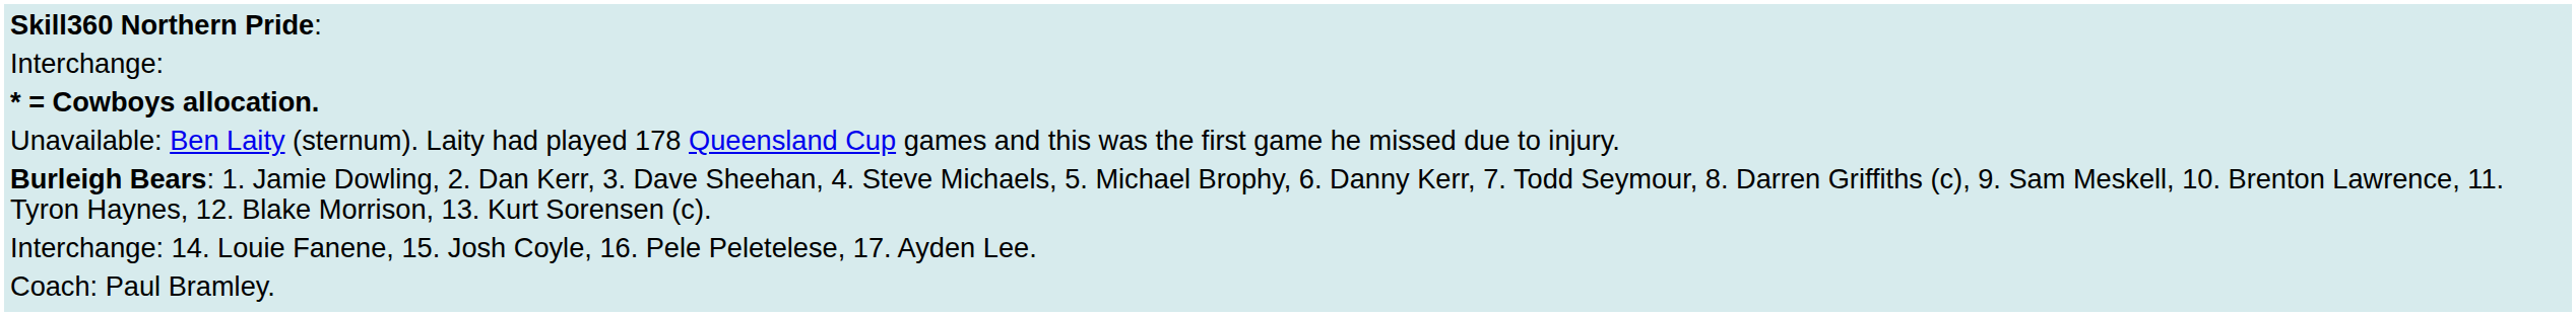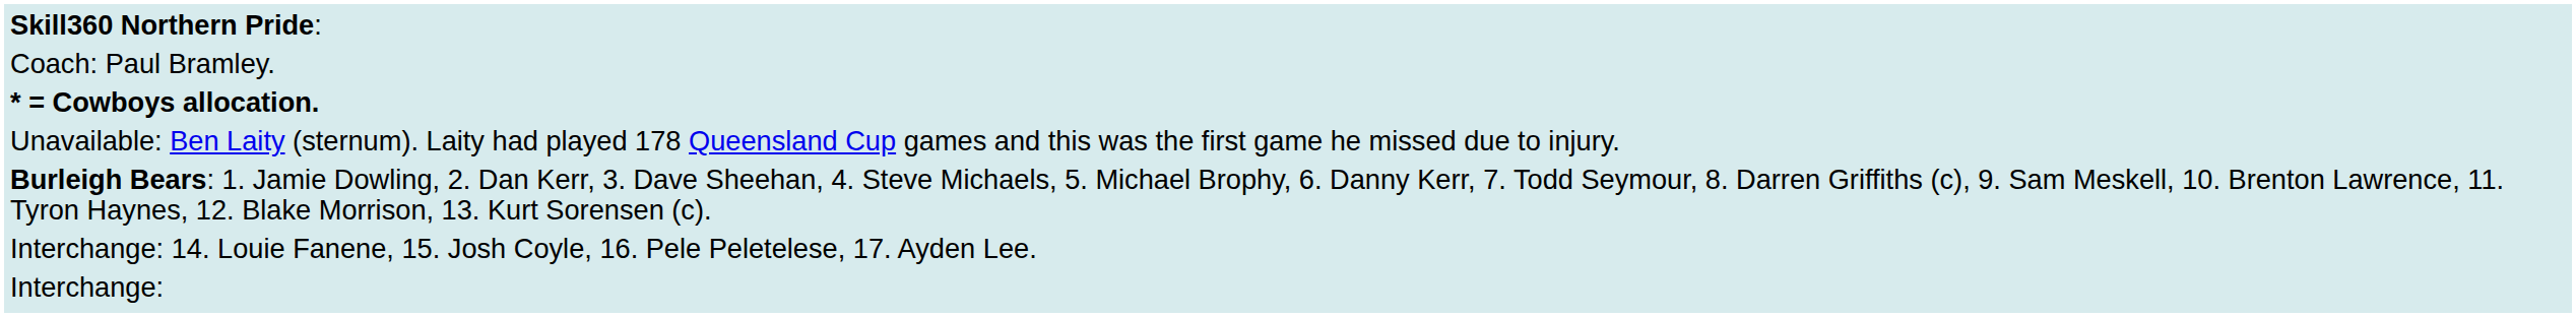 <table style="background:#d7ebed; font-size:85%; width:100%;">
 <tr>
 <td><strong>Skill360 Northern Pride</strong>:             </td>
 </tr>
 <tr>
-<td>Interchange:    </td>
+<td>Coach: Paul Bramley.</td>
 </tr>
 <tr>
 <td><strong>* = Cowboys allocation.</strong></td>
 </tr>
 <tr>
 <td>Unavailable: <a href='#'>Ben Laity</a> (sternum). Laity had played 178 <a href='#'>Queensland Cup</a> games and this was the first game he missed due to injury.</td>
 </tr>
 <tr>
 <td><strong>Burleigh Bears</strong>: 1. Jamie Dowling, 2. Dan Kerr, 3. Dave Sheehan, 4. Steve Michaels, 5. Michael Brophy, 6. Danny Kerr, 7. Todd Seymour, 8. Darren Griffiths (c), 9. Sam Meskell, 10. Brenton Lawrence, 11. Tyron Haynes, 12. Blake Morrison, 13. Kurt Sorensen (c).</td>
 </tr>
 <tr>
 <td>Interchange: 14. Louie Fanene, 15. Josh Coyle, 16. Pele Peletelese, 17. Ayden Lee.</td>
 </tr>
 <tr>
-<td>Coach: Paul Bramley.</td>
+<td>Interchange:    </td>
 </tr>
 <tr>
 </tr>
 </table>
